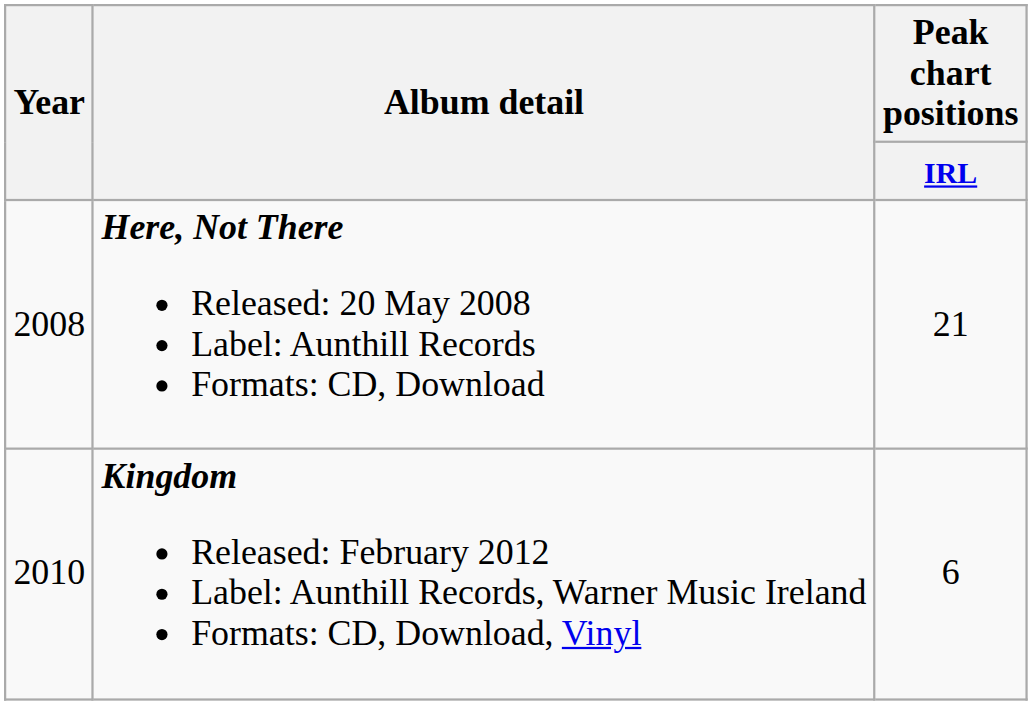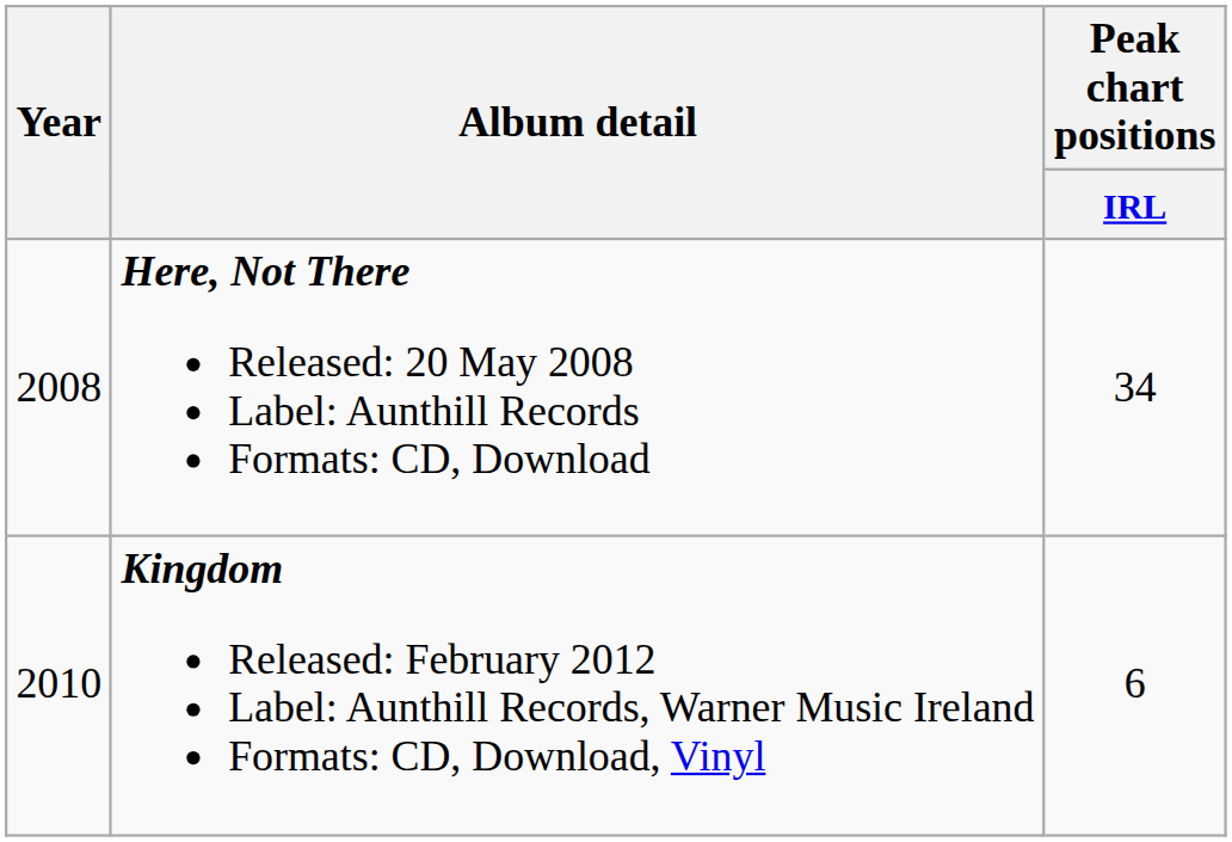 <table class="wikitable">
 <tr>
 <th rowspan="2">Year</th>
 <th rowspan="2">Album detail</th>
 <th colspan="1">Peak chart positions</th>
 </tr>
 <tr>
 <th style="width:30px;"><small><a href='#'>IRL</a></small><br></th>
 </tr>
 <tr>
 <td>2008</td>
 <td align="left"><strong><em>Here, Not There</em></strong><br><ul><li>Released: 20 May 2008</li><li>Label: Aunthill Records</li><li>Formats: CD, Download</li></ul></td>
-<td style="text-align:center;">21</td>
+<td style="text-align:center;">34</td>
 </tr>
 <tr>
 <td>2010</td>
 <td align="left"><strong><em>Kingdom</em></strong><br><ul><li>Released: February 2012</li><li>Label: Aunthill Records, Warner Music Ireland</li><li>Formats: CD, Download, <a href='#'>Vinyl</a></li></ul></td>
 <td style="text-align:center;">6</td>
 </tr>
 </table>
